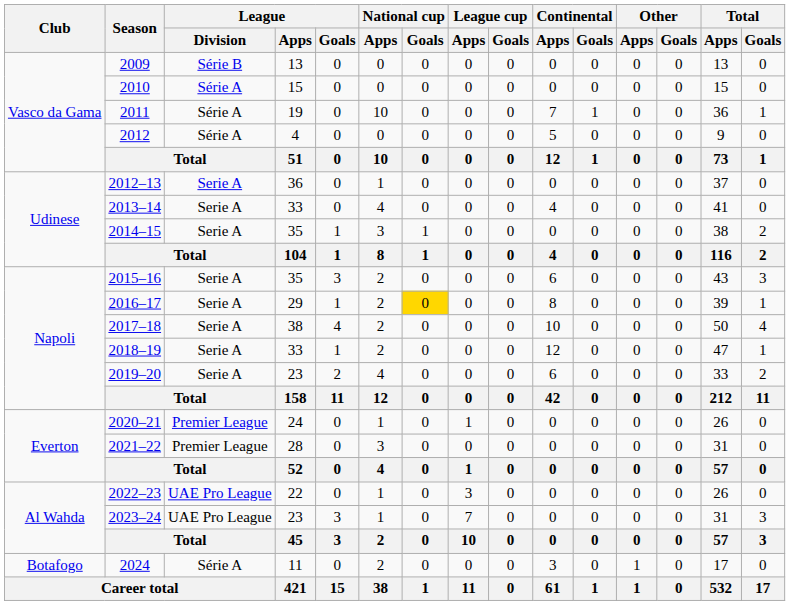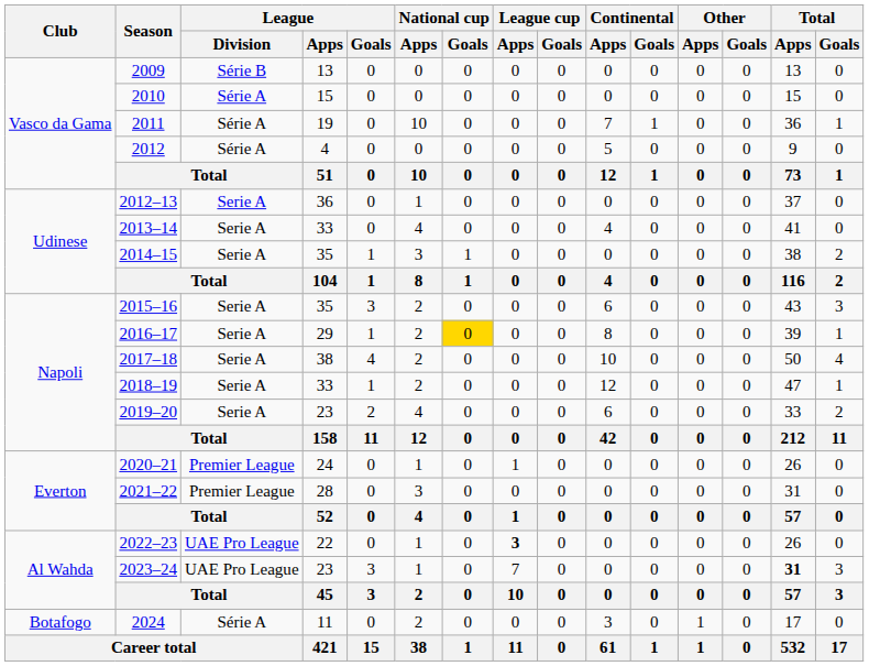 <table class="wikitable" style="text-align:center">
 <tr>
 <th rowspan="2">Club</th>
 <th rowspan="2">Season</th>
 <th colspan="3">League</th>
 <th colspan="2">National cup</th>
 <th colspan="2">League cup</th>
 <th colspan="2">Continental</th>
 <th colspan="2">Other</th>
 <th colspan="2">Total</th>
 </tr>
 <tr>
 <th>Division</th>
 <th>Apps</th>
 <th>Goals</th>
 <th>Apps</th>
 <th>Goals</th>
 <th>Apps</th>
 <th>Goals</th>
 <th>Apps</th>
 <th>Goals</th>
 <th>Apps</th>
 <th>Goals</th>
 <th>Apps</th>
 <th>Goals</th>
 </tr>
 <tr>
 <td rowspan="5"><a href='#'>Vasco da Gama</a></td>
 <td><a href='#'>2009</a></td>
 <td><a href='#'>Série B</a></td>
 <td>13</td>
 <td>0</td>
 <td>0</td>
 <td>0</td>
 <td>0</td>
 <td>0</td>
 <td>0</td>
 <td>0</td>
 <td>0</td>
 <td>0</td>
 <td>13</td>
 <td>0</td>
 </tr>
 <tr>
 <td><a href='#'>2010</a></td>
 <td><a href='#'>Série A</a></td>
 <td>15</td>
 <td>0</td>
 <td>0</td>
 <td>0</td>
 <td>0</td>
 <td>0</td>
 <td>0</td>
 <td>0</td>
 <td>0</td>
 <td>0</td>
 <td>15</td>
 <td>0</td>
 </tr>
 <tr>
 <td><a href='#'>2011</a></td>
 <td>Série A</td>
 <td>19</td>
 <td>0</td>
 <td>10</td>
 <td>0</td>
 <td>0</td>
 <td>0</td>
 <td>7</td>
 <td>1</td>
 <td>0</td>
 <td>0</td>
 <td>36</td>
 <td>1</td>
 </tr>
 <tr>
 <td><a href='#'>2012</a></td>
 <td>Série A</td>
 <td>4</td>
 <td>0</td>
 <td>0</td>
 <td>0</td>
 <td>0</td>
 <td>0</td>
 <td>5</td>
 <td>0</td>
 <td>0</td>
 <td>0</td>
 <td>9</td>
 <td>0</td>
 </tr>
 <tr>
 <th colspan="2">Total</th>
 <th>51</th>
 <th>0</th>
 <th>10</th>
 <th>0</th>
 <th>0</th>
 <th>0</th>
 <th>12</th>
 <th>1</th>
 <th>0</th>
 <th>0</th>
 <th>73</th>
 <th>1</th>
 </tr>
 <tr>
 <td rowspan="4"><a href='#'>Udinese</a></td>
 <td><a href='#'>2012–13</a></td>
 <td><a href='#'>Serie A</a></td>
 <td>36</td>
 <td>0</td>
 <td>1</td>
 <td>0</td>
 <td>0</td>
 <td>0</td>
 <td>0</td>
 <td>0</td>
 <td>0</td>
 <td>0</td>
 <td>37</td>
 <td>0</td>
 </tr>
 <tr>
 <td><a href='#'>2013–14</a></td>
 <td>Serie A</td>
 <td>33</td>
 <td>0</td>
 <td>4</td>
 <td>0</td>
 <td>0</td>
 <td>0</td>
 <td>4</td>
 <td>0</td>
 <td>0</td>
 <td>0</td>
 <td>41</td>
 <td>0</td>
 </tr>
 <tr>
 <td><a href='#'>2014–15</a></td>
 <td>Serie A</td>
 <td>35</td>
 <td>1</td>
 <td>3</td>
 <td>1</td>
 <td>0</td>
 <td>0</td>
 <td>0</td>
 <td>0</td>
 <td>0</td>
 <td>0</td>
 <td>38</td>
 <td>2</td>
 </tr>
 <tr>
 <th colspan="2">Total</th>
 <th>104</th>
 <th>1</th>
 <th>8</th>
 <th>1</th>
 <th>0</th>
 <th>0</th>
 <th>4</th>
 <th>0</th>
 <th>0</th>
 <th>0</th>
 <th>116</th>
 <th>2</th>
 </tr>
 <tr>
 <td rowspan="6"><a href='#'>Napoli</a></td>
 <td><a href='#'>2015–16</a></td>
 <td>Serie A</td>
 <td>35</td>
 <td>3</td>
 <td>2</td>
 <td>0</td>
 <td>0</td>
 <td>0</td>
 <td>6</td>
 <td>0</td>
 <td>0</td>
 <td>0</td>
 <td>43</td>
 <td>3</td>
 </tr>
 <tr>
 <td><a href='#'>2016–17</a></td>
 <td>Serie A</td>
 <td>29</td>
 <td>1</td>
 <td>2</td>
 <td style="background: gold;">0</td>
 <td>0</td>
 <td>0</td>
 <td>8</td>
 <td>0</td>
 <td>0</td>
 <td>0</td>
 <td>39</td>
 <td>1</td>
 </tr>
 <tr>
 <td><a href='#'>2017–18</a></td>
 <td>Serie A</td>
 <td>38</td>
 <td>4</td>
 <td>2</td>
 <td>0</td>
 <td>0</td>
 <td>0</td>
 <td>10</td>
 <td>0</td>
 <td>0</td>
 <td>0</td>
 <td>50</td>
 <td>4</td>
 </tr>
 <tr>
 <td><a href='#'>2018–19</a></td>
 <td>Serie A</td>
 <td>33</td>
 <td>1</td>
 <td>2</td>
 <td>0</td>
 <td>0</td>
 <td>0</td>
 <td>12</td>
 <td>0</td>
 <td>0</td>
 <td>0</td>
 <td>47</td>
 <td>1</td>
 </tr>
 <tr>
 <td><a href='#'>2019–20</a></td>
 <td>Serie A</td>
 <td>23</td>
 <td>2</td>
 <td>4</td>
 <td>0</td>
 <td>0</td>
 <td>0</td>
 <td>6</td>
 <td>0</td>
 <td>0</td>
 <td>0</td>
 <td>33</td>
 <td>2</td>
 </tr>
 <tr>
 <th colspan="2">Total</th>
 <th>158</th>
 <th>11</th>
 <th>12</th>
 <th>0</th>
 <th>0</th>
 <th>0</th>
 <th>42</th>
 <th>0</th>
 <th>0</th>
 <th>0</th>
 <th>212</th>
 <th>11</th>
 </tr>
 <tr>
 <td rowspan="3"><a href='#'>Everton</a></td>
 <td><a href='#'>2020–21</a></td>
 <td><a href='#'>Premier League</a></td>
 <td>24</td>
 <td>0</td>
 <td>1</td>
 <td>0</td>
 <td>1</td>
 <td>0</td>
 <td>0</td>
 <td>0</td>
 <td>0</td>
 <td>0</td>
 <td>26</td>
 <td>0</td>
 </tr>
 <tr>
 <td><a href='#'>2021–22</a></td>
 <td>Premier League</td>
 <td>28</td>
 <td>0</td>
 <td>3</td>
 <td>0</td>
 <td>0</td>
 <td>0</td>
 <td>0</td>
 <td>0</td>
 <td>0</td>
 <td>0</td>
 <td>31</td>
 <td>0</td>
 </tr>
 <tr>
 <th colspan="2">Total</th>
 <th>52</th>
 <th>0</th>
 <th>4</th>
 <th>0</th>
 <th>1</th>
 <th>0</th>
 <th>0</th>
 <th>0</th>
 <th>0</th>
 <th>0</th>
 <th>57</th>
 <th>0</th>
 </tr>
 <tr>
 <td rowspan="3"><a href='#'>Al Wahda</a></td>
 <td><a href='#'>2022–23</a></td>
 <td><a href='#'>UAE Pro League</a></td>
 <td>22</td>
 <td>0</td>
 <td>1</td>
 <td>0</td>
-<td>3</td>
+<td><strong>3</strong></td>
 <td>0</td>
 <td>0</td>
 <td>0</td>
 <td>0</td>
 <td>0</td>
 <td>26</td>
 <td>0</td>
 </tr>
 <tr>
 <td><a href='#'>2023–24</a></td>
 <td>UAE Pro League</td>
 <td>23</td>
 <td>3</td>
 <td>1</td>
 <td>0</td>
 <td>7</td>
 <td>0</td>
 <td>0</td>
 <td>0</td>
 <td>0</td>
 <td>0</td>
-<td>31</td>
+<td><strong>31</strong></td>
 <td>3</td>
 </tr>
 <tr>
 <th colspan="2">Total</th>
 <th>45</th>
 <th>3</th>
 <th>2</th>
 <th>0</th>
 <th>10</th>
 <th>0</th>
 <th>0</th>
 <th>0</th>
 <th>0</th>
 <th>0</th>
 <th>57</th>
 <th>3</th>
 </tr>
 <tr>
 <td><a href='#'>Botafogo</a></td>
 <td><a href='#'>2024</a></td>
 <td>Série A</td>
 <td>11</td>
 <td>0</td>
 <td>2</td>
 <td>0</td>
 <td>0</td>
 <td>0</td>
 <td>3</td>
 <td>0</td>
 <td>1</td>
 <td>0</td>
 <td>17</td>
 <td>0</td>
 </tr>
 <tr>
 <th colspan="3">Career total</th>
 <th>421</th>
 <th>15</th>
 <th>38</th>
 <th>1</th>
 <th>11</th>
 <th>0</th>
 <th>61</th>
 <th>1</th>
 <th>1</th>
 <th>0</th>
 <th>532</th>
 <th>17</th>
 </tr>
 </table>
